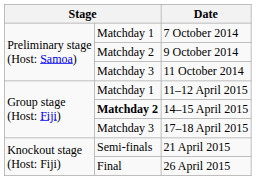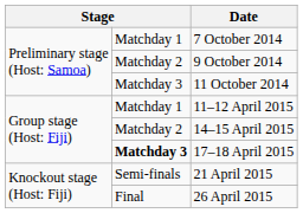 <table class="wikitable">
 <tr>
 <th colspan=2>Stage</th>
 <th>Date</th>
 </tr>
 <tr>
 <td rowspan=3>Preliminary stage<br>(Host: <a href='#'>Samoa</a>)</td>
 <td>Matchday 1</td>
 <td>7 October 2014</td>
 </tr>
 <tr>
 <td>Matchday 2</td>
 <td>9 October 2014</td>
 </tr>
 <tr>
 <td>Matchday 3</td>
 <td>11 October 2014</td>
 </tr>
 <tr>
 <td rowspan=3>Group stage<br>(Host: <a href='#'>Fiji</a>)</td>
 <td>Matchday 1</td>
 <td>11–12 April 2015</td>
 </tr>
 <tr>
-<td><strong>Matchday 2</strong></td>
+<td>Matchday 2</td>
 <td>14–15 April 2015</td>
 </tr>
 <tr>
-<td>Matchday 3</td>
+<td><strong>Matchday 3</strong></td>
 <td>17–18 April 2015</td>
 </tr>
 <tr>
 <td rowspan=2>Knockout stage<br>(Host: Fiji)</td>
 <td>Semi-finals</td>
 <td>21 April 2015</td>
 </tr>
 <tr>
 <td>Final</td>
 <td>26 April 2015</td>
 </tr>
 </table>
